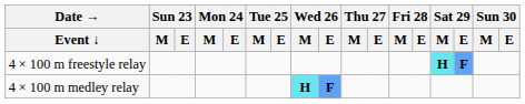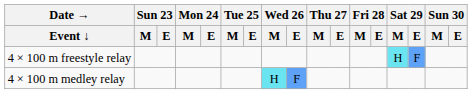 <table class="wikitable" style="margin:0.5em auto; font-size:95%; line-height:1.25em;">
 <tr style="text-align:center;">
 <th>Date →</th>
 <th colspan="2">Sun 23</th>
 <th colspan="2">Mon 24</th>
 <th colspan="2">Tue 25</th>
 <th colspan="2">Wed 26</th>
 <th colspan="2">Thu 27</th>
 <th colspan="2">Fri 28</th>
 <th colspan="2">Sat 29</th>
 <th colspan="2">Sun 30</th>
 </tr>
 <tr>
 <th>Event ↓</th>
 <th>M</th>
 <th>E</th>
 <th>M</th>
 <th>E</th>
 <th>M</th>
 <th>E</th>
 <th>M</th>
 <th>E</th>
 <th>M</th>
 <th>E</th>
 <th>M</th>
 <th>E</th>
 <th>M</th>
 <th>E</th>
 <th>M</th>
 <th>E</th>
 </tr>
 <tr>
 <td class=event>4 × 100 m freestyle relay</td>
 <td colspan=2></td>
 <td colspan=2></td>
 <td colspan=2></td>
 <td colspan=2></td>
 <td colspan=2></td>
 <td colspan=2></td>
-<td style="background-color:#6be4f2; text-align:center;"><strong>H</strong></td>
-<td style="background-color:#5ea2f7; text-align:center;"><strong>F</strong></td>
+<td style="background-color:#6be4f2; text-align:center;">H</td>
+<td style="background-color:#5ea2f7; text-align:center;">F</td>
 <td colspan=2></td>
 </tr>
 <tr>
 <td class=event>4 × 100 m medley relay</td>
 <td colspan=2></td>
 <td colspan=2></td>
 <td colspan=2></td>
-<td style="background-color:#6be4f2; text-align:center;"><strong>H</strong></td>
-<td style="background-color:#5ea2f7; text-align:center;"><strong>F</strong></td>
+<td style="background-color:#6be4f2; text-align:center;">H</td>
+<td style="background-color:#5ea2f7; text-align:center;">F</td>
 <td colspan=2></td>
 <td colspan=2></td>
 <td colspan=2></td>
 <td colspan=2></td>
 </tr>
 </table>
